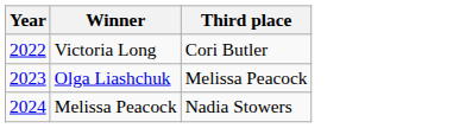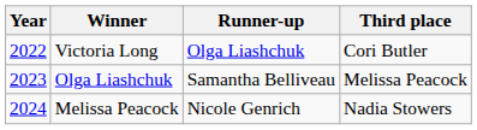 <table class="wikitable sortable" style="display: inline-table;">
 <tr>
 <th>Year</th>
 <th>Winner</th>
+<th>Runner-up</th>
 <th>Third place</th>
 </tr>
 <tr>
 <td><a href='#'>2022</a></td>
 <td> Victoria Long</td>
+<td> <a href='#'>Olga Liashchuk</a></td>
 <td> Cori Butler</td>
 </tr>
 <tr>
 <td><a href='#'>2023</a></td>
 <td> <a href='#'>Olga Liashchuk</a></td>
+<td> Samantha Belliveau</td>
 <td> Melissa Peacock</td>
 </tr>
 <tr>
 <td><a href='#'>2024</a></td>
 <td> Melissa Peacock</td>
+<td> Nicole Genrich</td>
 <td> Nadia Stowers</td>
 </tr>
 </table>
